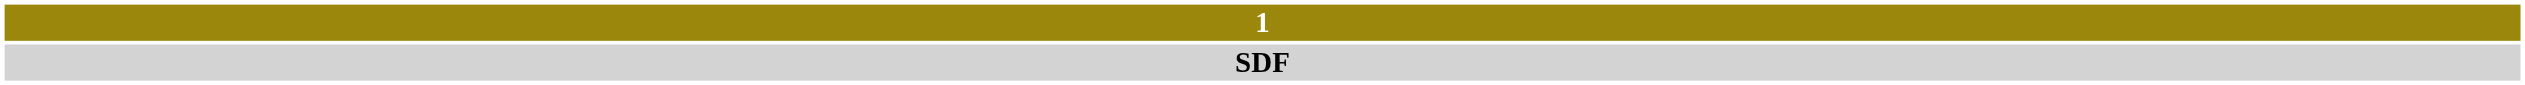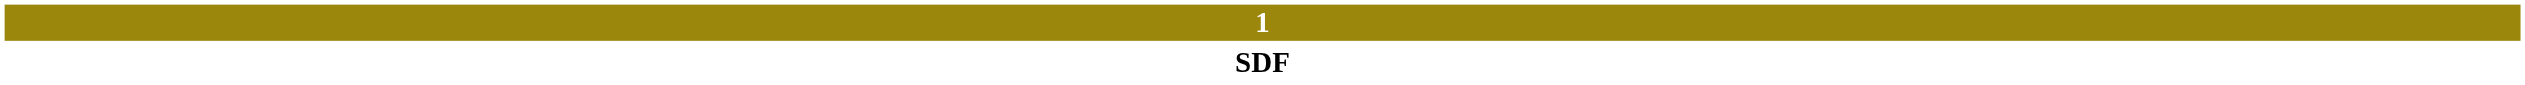 <table style="width:88%; text-align:center;">
 <tr style="color:white;">
 <td style="background:#9B870C; width:100%;"><strong>1</strong></td>
 </tr>
 <tr>
-<td style="background: lightgrey;"><span><strong>SDF</strong></span></td>
+<td><span><strong>SDF</strong></span></td>
 </tr>
 </table>
